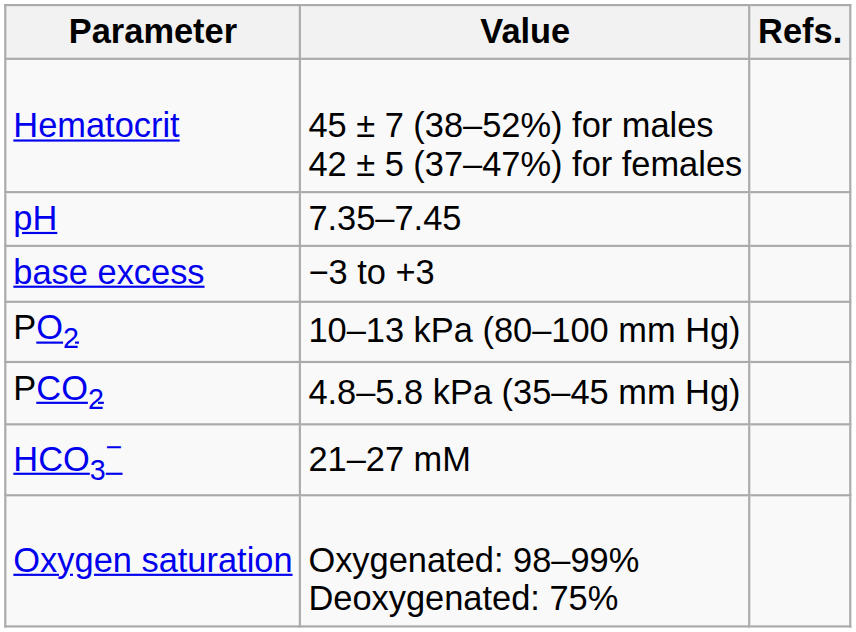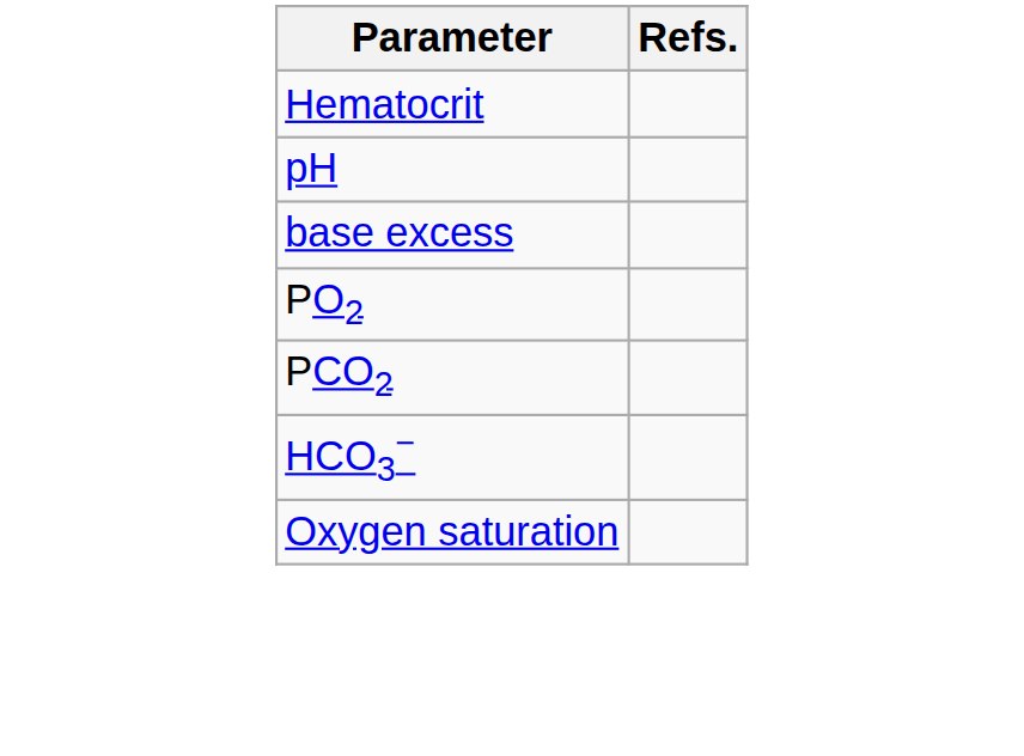 <table class="wikitable" style="float:center; margin-left:auto; margin-right:auto;">
 <tr>
 <th>Parameter</th>
-<th>Value</th>
 <th>Refs.</th>
 </tr>
 <tr>
 <td><a href='#'>Hematocrit</a></td>
-<td><br>45 ± 7 (38–52%) for males<br> 42 ± 5 (37–47%) for females</td>
 <td></td>
 </tr>
 <tr>
 <td><a href='#'>pH</a></td>
-<td>7.35–7.45</td>
 <td></td>
 </tr>
 <tr>
 <td><a href='#'>base excess</a></td>
-<td>−3 to +3</td>
 <td></td>
 </tr>
 <tr>
 <td>P<a href='#'>O<sub>2</sub></a></td>
-<td>10–13 kPa (80–100 mm Hg)</td>
 <td></td>
 </tr>
 <tr>
 <td>P<a href='#'>CO<sub>2</sub></a></td>
-<td>4.8–5.8 kPa (35–45 mm Hg)</td>
 <td></td>
 </tr>
 <tr>
 <td><a href='#'>HCO<sub>3</sub><sup>−</sup></a></td>
-<td>21–27 mM</td>
 <td></td>
 </tr>
 <tr>
 <td><a href='#'>Oxygen saturation</a></td>
-<td><br>Oxygenated: 98–99%<br> Deoxygenated: 75%</td>
 <td></td>
 </tr>
 </table>
